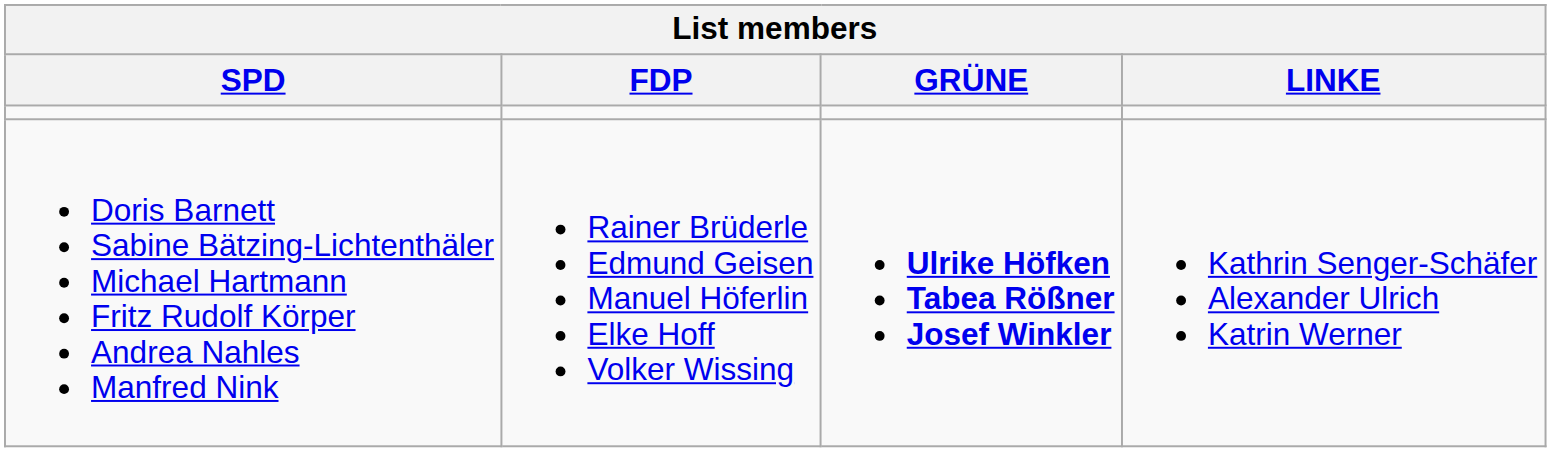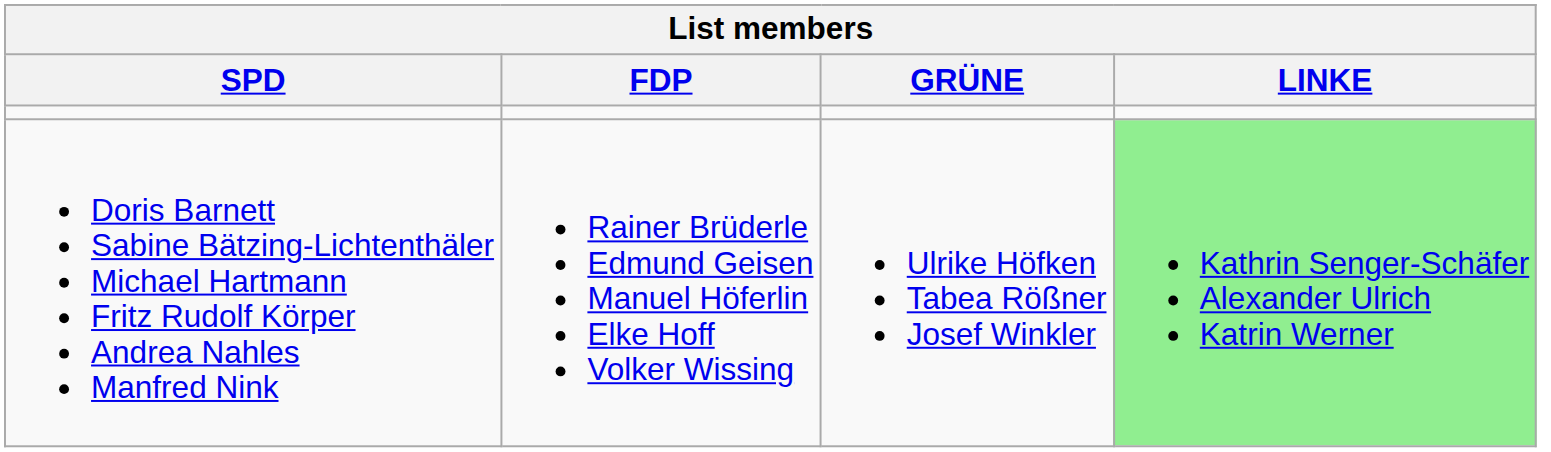 <table class=wikitable>
 <tr>
 <th colspan=4>List members</th>
 </tr>
 <tr>
 <th><a href='#'>SPD</a></th>
 <th><a href='#'>FDP</a></th>
 <th><a href='#'>GRÜNE</a></th>
 <th><a href='#'>LINKE</a></th>
 </tr>
 <tr>
 <td bgcolor=></td>
 <td bgcolor=></td>
 <td bgcolor=></td>
 <td bgcolor=></td>
 </tr>
 <tr>
 <td><br><ul><li><a href='#'>Doris Barnett</a></li><li><a href='#'>Sabine Bätzing-Lichtenthäler</a></li><li><a href='#'>Michael Hartmann</a></li><li><a href='#'>Fritz Rudolf Körper</a></li><li><a href='#'>Andrea Nahles</a></li><li><a href='#'>Manfred Nink</a></li></ul></td>
 <td><br><ul><li><a href='#'>Rainer Brüderle</a></li><li><a href='#'>Edmund Geisen</a></li><li><a href='#'>Manuel Höferlin</a></li><li><a href='#'>Elke Hoff</a></li><li><a href='#'>Volker Wissing</a></li></ul></td>
-<td><strong><br><ul><li><a href='#'>Ulrike Höfken</a></li><li><a href='#'>Tabea Rößner</a></li><li><a href='#'>Josef Winkler</a></li></ul></strong></td>
-<td><br><ul><li><a href='#'>Kathrin Senger-Schäfer</a></li><li><a href='#'>Alexander Ulrich</a></li><li><a href='#'>Katrin Werner</a></li></ul></td>
+<td><br><ul><li><a href='#'>Ulrike Höfken</a></li><li><a href='#'>Tabea Rößner</a></li><li><a href='#'>Josef Winkler</a></li></ul></td>
+<td style="background: lightgreen;"><br><ul><li><a href='#'>Kathrin Senger-Schäfer</a></li><li><a href='#'>Alexander Ulrich</a></li><li><a href='#'>Katrin Werner</a></li></ul></td>
 </tr>
 </table>
